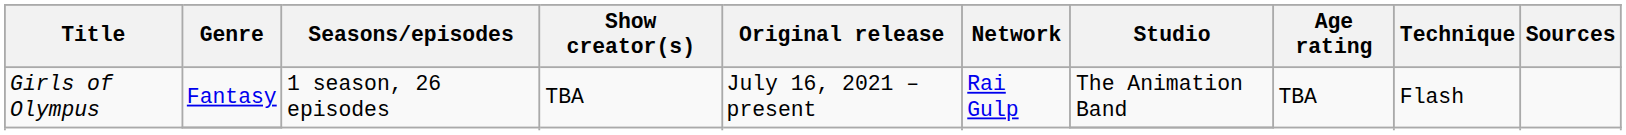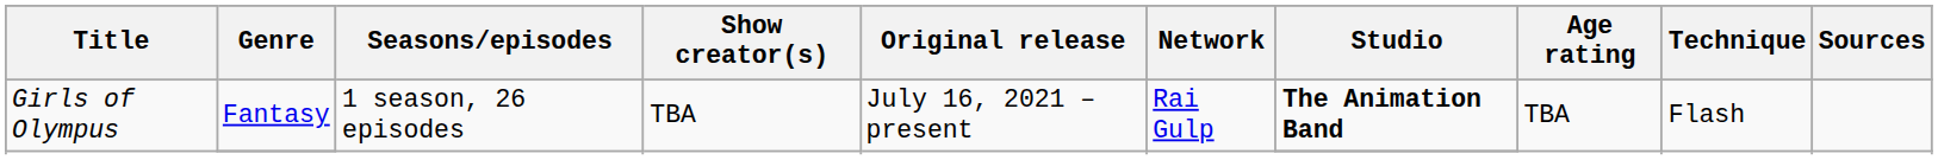 <table class="wikitable sortable" style="text-align: left; font-size:90%; width:100%;">
 <tr>
 <th>Title</th>
 <th>Genre</th>
 <th>Seasons/episodes</th>
 <th>Show creator(s)</th>
 <th>Original release</th>
 <th>Network</th>
 <th>Studio</th>
 <th>Age rating</th>
 <th>Technique</th>
 <th>Sources</th>
 </tr>
 <tr>
 <td rowspan="3"><em>Girls of Olympus</em></td>
 <td><a href='#'>Fantasy</a></td>
 <td rowspan="3">1 season, 26 episodes</td>
 <td rowspan="3">TBA</td>
 <td rowspan="3">July 16, 2021 – present</td>
 <td rowspan="3"><a href='#'>Rai Gulp</a></td>
-<td>The Animation Band</td>
+<td><strong>The Animation Band</strong></td>
 <td rowspan="3">TBA</td>
 <td rowspan="3">Flash</td>
 <td rowspan="3"></td>
 </tr>
 <tr>
 </tr>
 </table>
